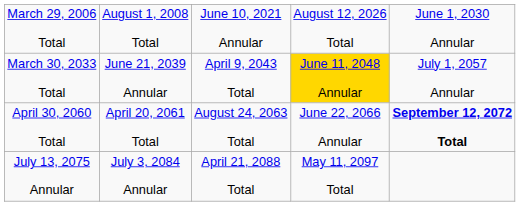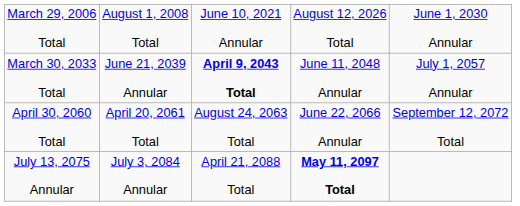 <table class="wikitable sortable">
 <tr align=center>
 <td><a href='#'>March 29, 2006</a><br><br>Total</td>
 <td><a href='#'>August 1, 2008</a><br><br>Total</td>
 <td><a href='#'>June 10, 2021</a><br><br>Annular</td>
 <td><a href='#'>August 12, 2026</a><br><br>Total</td>
 <td><a href='#'>June 1, 2030</a><br><br>Annular</td>
 </tr>
 <tr align=center>
 <td><a href='#'>March 30, 2033</a><br><br>Total</td>
 <td><a href='#'>June 21, 2039</a><br><br>Annular</td>
-<td><a href='#'>April 9, 2043</a><br><br>Total</td>
-<td style="background: gold;"><a href='#'>June 11, 2048</a><br><br>Annular</td>
+<td><strong><a href='#'>April 9, 2043</a><br><br>Total</strong></td>
+<td><a href='#'>June 11, 2048</a><br><br>Annular</td>
 <td><a href='#'>July 1, 2057</a><br><br>Annular</td>
 </tr>
 <tr align=center>
 <td><a href='#'>April 30, 2060</a><br><br>Total</td>
 <td><a href='#'>April 20, 2061</a><br><br>Total</td>
 <td><a href='#'>August 24, 2063</a><br><br>Total</td>
 <td><a href='#'>June 22, 2066</a><br><br>Annular</td>
-<td><strong><a href='#'>September 12, 2072</a><br><br>Total</strong></td>
+<td><a href='#'>September 12, 2072</a><br><br>Total</td>
 </tr>
 <tr align=center>
 <td><a href='#'>July 13, 2075</a><br><br>Annular</td>
 <td><a href='#'>July 3, 2084</a><br><br>Annular</td>
 <td><a href='#'>April 21, 2088</a><br><br>Total</td>
-<td><a href='#'>May 11, 2097</a><br><br>Total</td>
+<td><strong><a href='#'>May 11, 2097</a><br><br>Total</strong></td>
 </tr>
 </table>
